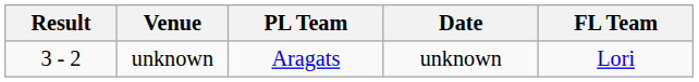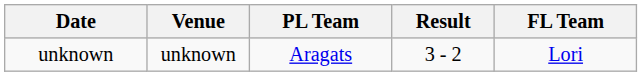 <table class="wikitable" style="font-size:95%;">
 <tr bgcolor="#efefef">
-<th width="70">Result</th>
+<th width="100">Date</th>
 <th width="70">Venue</th>
 <th width="100">PL Team</th>
-<th width="100">Date</th>
+<th width="70">Result</th>
 <th width="100">FL Team</th>
 </tr>
 <tr>
-<td align=center>3 - 2</td>
+<td align=center>unknown</td>
 <td align=center>unknown</td>
 <td align=center><a href='#'>Aragats</a></td>
-<td align=center>unknown</td>
+<td align=center>3 - 2</td>
 <td align=center><a href='#'>Lori</a></td>
 </tr>
 </table>
